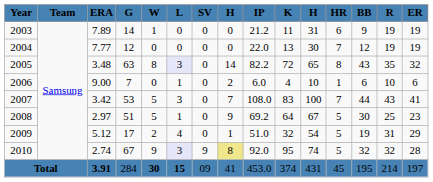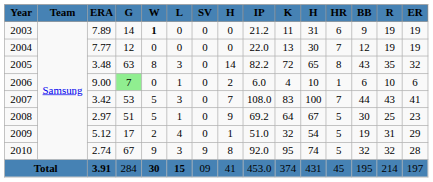 <table class="wikitable" style="text-align: center;">
 <tr bgcolor="#000000">
 <th style="background:#4682B4;" width="42"><span>Year </span></th>
 <th style="background:#4682B4;" width="65"><span>Team </span></th>
 <th style="background:#4682B4;" width="35"><span>ERA </span></th>
 <th style="background:#4682B4;" width="30"><span>G </span></th>
 <th style="background:#4682B4;" width="30"><span>W</span></th>
 <th style="background:#4682B4;" width="30"><span>L</span></th>
 <th style="background:#4682B4;" width="30"><span>SV</span></th>
 <th style="background:#4682B4;" width="30"><span>H</span></th>
 <th style="background:#4682B4;" width="40"><span>IP </span></th>
 <th style="background:#4682B4;" width="30"><span>K </span></th>
 <th style="background:#4682B4;" width="30"><span>H </span></th>
 <th style="background:#4682B4;" width="30"><span>HR </span></th>
 <th style="background:#4682B4;" width="30"><span>BB </span></th>
 <th style="background:#4682B4;" width="30"><span>R </span></th>
 <th style="background:#4682B4;" width="30"><span>ER</span></th>
 </tr>
 <tr>
 <td>2003</td>
 <td rowspan="8" style="text-align:center;"><a href='#'>Samsung</a></td>
 <td>7.89</td>
 <td>14</td>
-<td>1</td>
+<td><strong>1</strong></td>
 <td>0</td>
 <td>0</td>
 <td>0</td>
 <td>21.2</td>
 <td>11</td>
 <td>31</td>
 <td>6</td>
 <td>9</td>
 <td>19</td>
 <td>19</td>
 </tr>
 <tr>
 <td>2004</td>
 <td>7.77</td>
 <td>12</td>
 <td>0</td>
 <td>0</td>
 <td>0</td>
 <td>0</td>
 <td>22.0</td>
 <td>13</td>
 <td>30</td>
 <td>7</td>
 <td>12</td>
 <td>19</td>
 <td>19</td>
 </tr>
 <tr>
 <td>2005</td>
 <td>3.48</td>
 <td>63</td>
 <td>8</td>
-<td style="background: lavender;">3</td>
+<td>3</td>
 <td>0</td>
 <td>14</td>
 <td>82.2</td>
 <td>72</td>
 <td>65</td>
 <td>8</td>
 <td>43</td>
 <td>35</td>
 <td>32</td>
 </tr>
 <tr>
 <td>2006</td>
 <td>9.00</td>
-<td>7</td>
+<td style="background: lightgreen;">7</td>
 <td>0</td>
 <td>1</td>
 <td>0</td>
 <td>2</td>
 <td>6.0</td>
 <td>4</td>
 <td>10</td>
 <td>1</td>
 <td>6</td>
 <td>10</td>
 <td>6</td>
 </tr>
 <tr>
 <td>2007</td>
 <td>3.42</td>
 <td>53</td>
 <td>5</td>
 <td>3</td>
 <td>0</td>
 <td>7</td>
 <td>108.0</td>
 <td>83</td>
 <td>100</td>
 <td>7</td>
 <td>44</td>
 <td>43</td>
 <td>41</td>
 </tr>
 <tr>
 <td>2008</td>
 <td>2.97</td>
 <td>51</td>
 <td>5</td>
 <td>1</td>
 <td>0</td>
 <td>9</td>
 <td>69.2</td>
 <td>64</td>
 <td>67</td>
 <td>5</td>
 <td>30</td>
 <td>25</td>
 <td>23</td>
 </tr>
 <tr>
 <td>2009</td>
 <td>5.12</td>
 <td>17</td>
 <td>2</td>
 <td>4</td>
 <td>0</td>
 <td>1</td>
 <td>51.0</td>
 <td>32</td>
 <td>54</td>
 <td>5</td>
 <td>19</td>
 <td>31</td>
 <td>29</td>
 </tr>
 <tr>
 <td>2010</td>
 <td>2.74</td>
 <td>67</td>
 <td>9</td>
-<td style="background: lavender;">3</td>
+<td>3</td>
 <td>9</td>
-<td style="background: khaki;">8</td>
+<td>8</td>
 <td>92.0</td>
 <td>95</td>
 <td>74</td>
 <td>5</td>
 <td>32</td>
 <td>32</td>
 <td>28</td>
 </tr>
 <tr bgcolor = "#4682B4">
 <td colspan="2"><span><strong>Total</strong></span></td>
 <td><span><strong>3.91</strong></span></td>
 <td><span>284</span></td>
 <td><span><strong>30</strong></span></td>
 <td><span><strong>15</strong></span></td>
 <td><span>09</span></td>
 <td><span>41</span></td>
 <td><span>453.0</span></td>
 <td><span>374</span></td>
 <td><span>431</span></td>
 <td><span>45</span></td>
 <td><span>195</span></td>
 <td><span>214</span></td>
 <td><span>197</span></td>
 </tr>
 </table>
